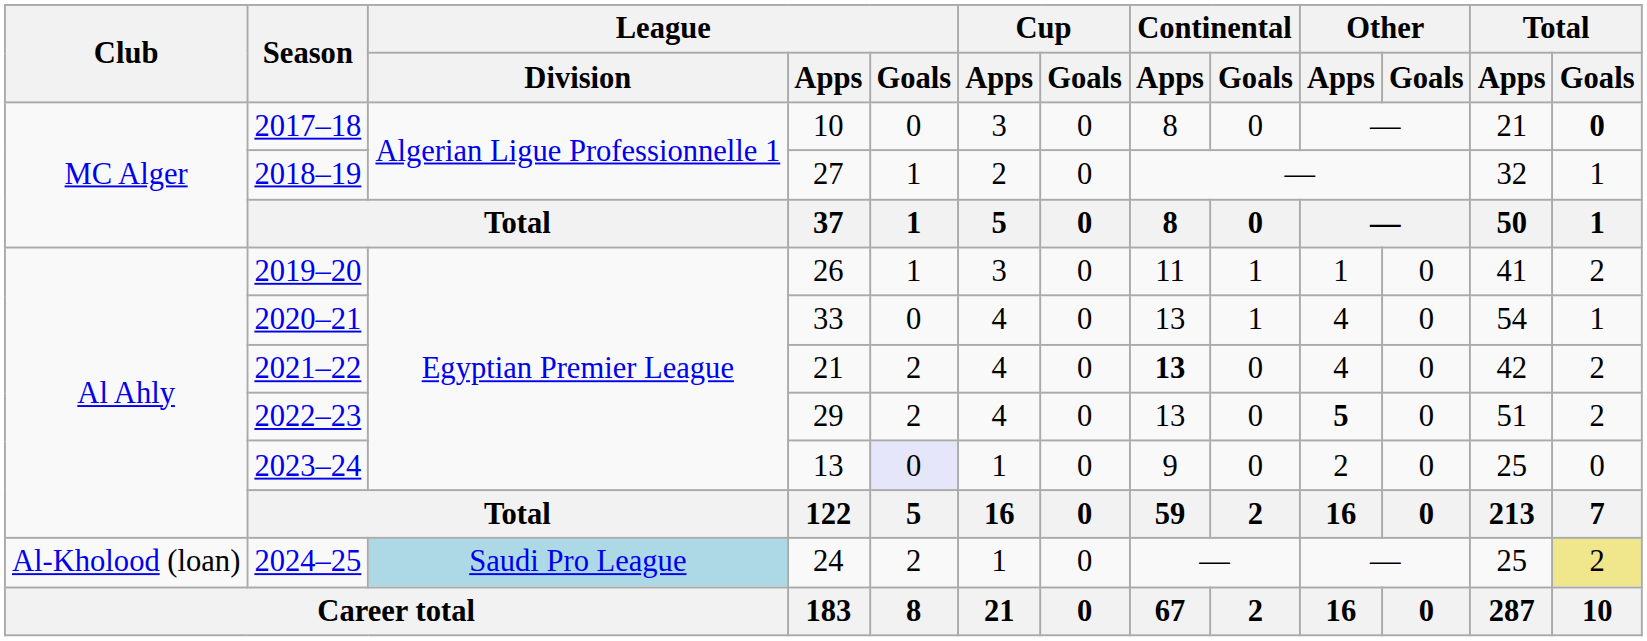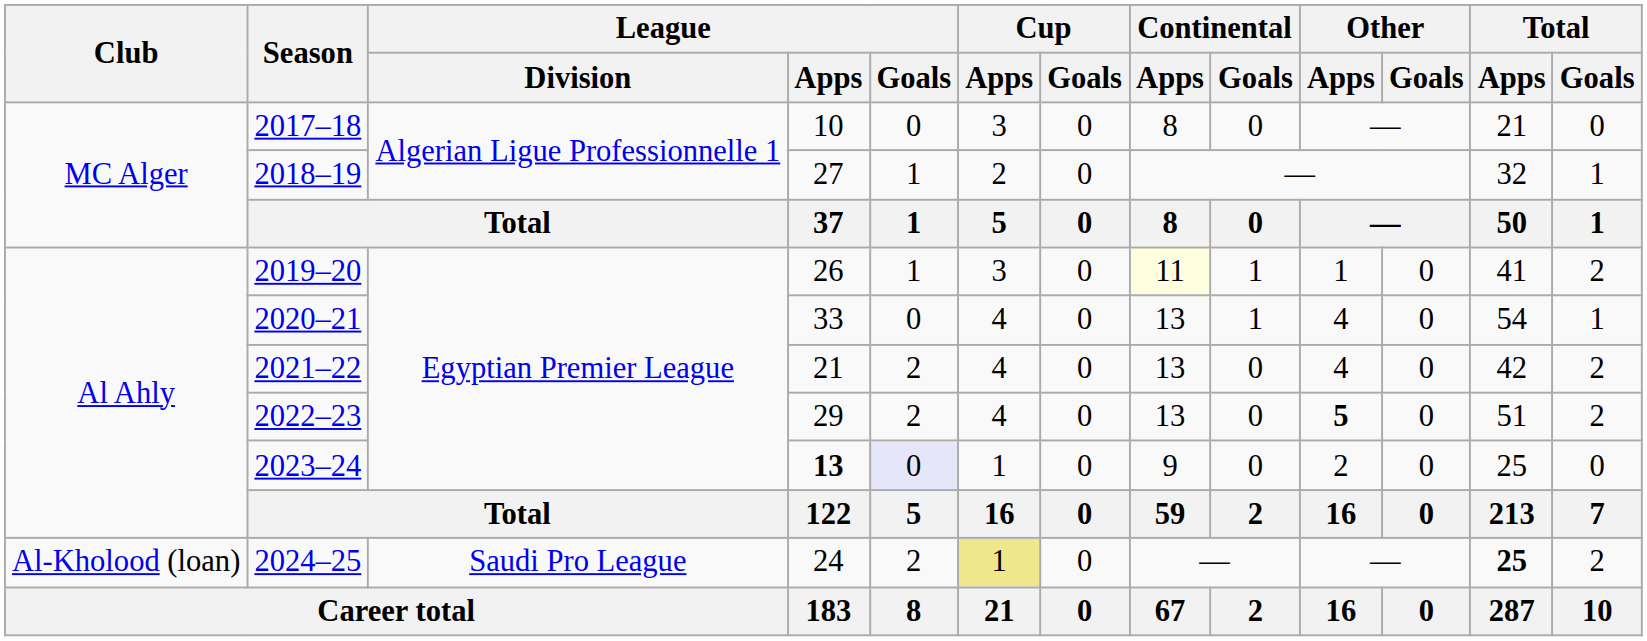 <table class="wikitable" style="text-align:center">
 <tr>
 <th rowspan="2">Club</th>
 <th rowspan="2">Season</th>
 <th colspan="3">League</th>
 <th colspan="2">Cup</th>
 <th colspan="2">Continental</th>
 <th colspan="2">Other</th>
 <th colspan="2">Total</th>
 </tr>
 <tr>
 <th>Division</th>
 <th>Apps</th>
 <th>Goals</th>
 <th>Apps</th>
 <th>Goals</th>
 <th>Apps</th>
 <th>Goals</th>
 <th>Apps</th>
 <th>Goals</th>
 <th>Apps</th>
 <th>Goals</th>
 </tr>
 <tr>
 <td rowspan="3"><a href='#'>MC Alger</a></td>
 <td><a href='#'>2017–18</a></td>
 <td rowspan="2"><a href='#'>Algerian Ligue Professionnelle 1</a></td>
 <td>10</td>
 <td>0</td>
 <td>3</td>
 <td>0</td>
 <td>8</td>
 <td>0</td>
 <td colspan="2">—</td>
 <td>21</td>
-<td><strong>0</strong></td>
+<td>0</td>
 </tr>
 <tr>
 <td><a href='#'>2018–19</a></td>
 <td>27</td>
 <td>1</td>
 <td>2</td>
 <td>0</td>
 <td colspan="4">—</td>
 <td>32</td>
 <td>1</td>
 </tr>
 <tr>
 <th colspan="2">Total</th>
 <th>37</th>
 <th>1</th>
 <th>5</th>
 <th>0</th>
 <th>8</th>
 <th>0</th>
 <th colspan="2">—</th>
 <th>50</th>
 <th>1</th>
 </tr>
 <tr>
 <td rowspan="6"><a href='#'>Al Ahly</a></td>
 <td><a href='#'>2019–20</a></td>
 <td rowspan="5"><a href='#'>Egyptian Premier League</a></td>
 <td>26</td>
 <td>1</td>
 <td>3</td>
 <td>0</td>
-<td>11</td>
+<td style="background: lightyellow;">11</td>
 <td>1</td>
 <td>1</td>
 <td>0</td>
 <td>41</td>
 <td>2</td>
 </tr>
 <tr>
 <td><a href='#'>2020–21</a></td>
 <td>33</td>
 <td>0</td>
 <td>4</td>
 <td>0</td>
 <td>13</td>
 <td>1</td>
 <td>4</td>
 <td>0</td>
 <td>54</td>
 <td>1</td>
 </tr>
 <tr>
 <td><a href='#'>2021–22</a></td>
 <td>21</td>
 <td>2</td>
 <td>4</td>
 <td>0</td>
-<td><strong>13</strong></td>
+<td>13</td>
 <td>0</td>
 <td>4</td>
 <td>0</td>
 <td>42</td>
 <td>2</td>
 </tr>
 <tr>
 <td><a href='#'>2022–23</a></td>
 <td>29</td>
 <td>2</td>
 <td>4</td>
 <td>0</td>
 <td>13</td>
 <td>0</td>
 <td><strong>5</strong></td>
 <td>0</td>
 <td>51</td>
 <td>2</td>
 </tr>
 <tr>
 <td><a href='#'>2023–24</a></td>
-<td>13</td>
+<td><strong>13</strong></td>
 <td style="background: lavender;">0</td>
 <td>1</td>
 <td>0</td>
 <td>9</td>
 <td>0</td>
 <td>2</td>
 <td>0</td>
 <td>25</td>
 <td>0</td>
 </tr>
 <tr>
 <th colspan="2">Total</th>
 <th>122</th>
 <th>5</th>
 <th>16</th>
 <th>0</th>
 <th>59</th>
 <th>2</th>
 <th>16</th>
 <th>0</th>
 <th>213</th>
 <th>7</th>
 </tr>
 <tr>
 <td><a href='#'>Al-Kholood</a> (loan)</td>
 <td><a href='#'>2024–25</a></td>
-<td style="background: lightblue;"><a href='#'>Saudi Pro League</a></td>
+<td><a href='#'>Saudi Pro League</a></td>
 <td>24</td>
 <td>2</td>
-<td>1</td>
+<td style="background: khaki;">1</td>
 <td>0</td>
 <td colspan="2">—</td>
 <td colspan="2">—</td>
-<td>25</td>
-<td style="background: khaki;">2</td>
+<td><strong>25</strong></td>
+<td>2</td>
 </tr>
 <tr>
 <th colspan="3">Career total</th>
 <th>183</th>
 <th>8</th>
 <th>21</th>
 <th>0</th>
 <th>67</th>
 <th>2</th>
 <th>16</th>
 <th>0</th>
 <th>287</th>
 <th>10</th>
 </tr>
 </table>
